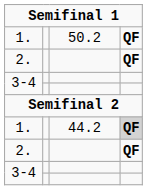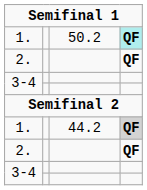 <table class=wikitable style="text-align:center">
 <tr>
 <td colspan=4><strong>Semifinal 1</strong></td>
 </tr>
 <tr>
 <td width=30>1.</td>
 <td align=left></td>
 <td width=60>50.2</td>
-<td><strong>QF</strong></td>
+<td style="background: paleturquoise;"><strong>QF</strong></td>
 </tr>
 <tr>
 <td>2.</td>
 <td align=left></td>
 <td></td>
 <td><strong>QF</strong></td>
 </tr>
 <tr>
 <td rowspan=2>3-4</td>
 <td align=left></td>
 <td></td>
 <td></td>
 </tr>
 <tr>
 <td align=left></td>
 <td></td>
 <td></td>
 </tr>
 <tr>
 <td colspan=4><strong>Semifinal 2</strong></td>
 </tr>
 <tr>
 <td>1.</td>
 <td align=left></td>
 <td>44.2</td>
 <td style="background: lightgrey;"><strong>QF</strong></td>
 </tr>
 <tr>
 <td>2.</td>
 <td align=left></td>
 <td></td>
 <td><strong>QF</strong></td>
 </tr>
 <tr>
 <td rowspan=2>3-4</td>
 <td align=left></td>
 <td></td>
 <td></td>
 </tr>
 <tr>
 <td align=left></td>
 <td></td>
 <td></td>
 </tr>
 </table>
